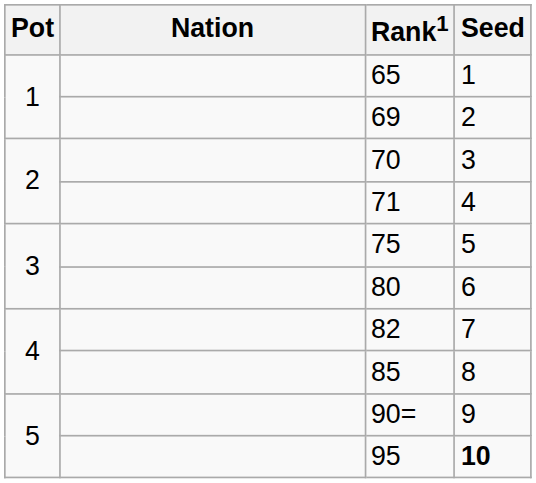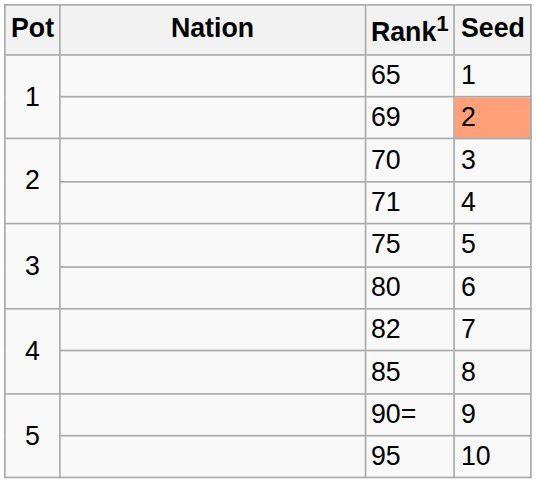 <table class="wikitable">
 <tr>
 <th>Pot</th>
 <th width="175">Nation</th>
 <th>Rank<sup>1</sup></th>
 <th>Seed</th>
 </tr>
 <tr>
 <td rowspan=2 style="text-align:center;">1</td>
 <td></td>
 <td>65</td>
 <td>1</td>
 </tr>
 <tr>
 <td></td>
 <td>69</td>
-<td>2</td>
+<td style="background: lightsalmon;">2</td>
 </tr>
 <tr>
 <td rowspan=2 style="text-align:center;">2</td>
 <td></td>
 <td>70</td>
 <td>3</td>
 </tr>
 <tr>
 <td></td>
 <td>71</td>
 <td>4</td>
 </tr>
 <tr>
 <td rowspan=2 style="text-align:center;">3</td>
 <td></td>
 <td>75</td>
 <td>5</td>
 </tr>
 <tr>
 <td></td>
 <td>80</td>
 <td>6</td>
 </tr>
 <tr>
 <td rowspan=2 style="text-align:center;">4</td>
 <td></td>
 <td>82</td>
 <td>7</td>
 </tr>
 <tr>
 <td></td>
 <td>85</td>
 <td>8</td>
 </tr>
 <tr>
 <td rowspan=2 style="text-align:center;">5</td>
 <td></td>
 <td>90=</td>
 <td>9</td>
 </tr>
 <tr>
 <td></td>
 <td>95</td>
-<td><strong>10</strong></td>
+<td>10</td>
 </tr>
 </table>
